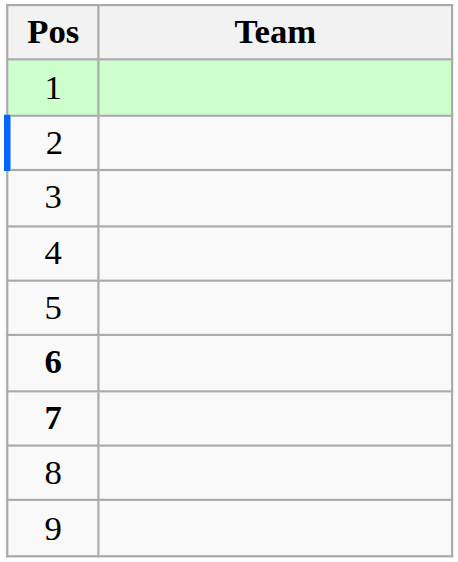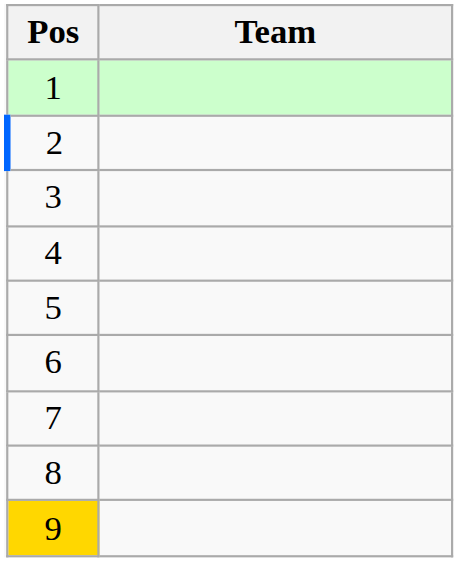 <table class="wikitable" style="text-align:center;">
 <tr>
 <th width=35>Pos</th>
 <th width=155>Team</th>
 </tr>
 <tr bgcolor=ccffcc>
 <td>1</td>
 <td align=left></td>
 </tr>
 <tr>
 <td style="border-left:3px solid #06f;">2</td>
 <td align=left></td>
 </tr>
 <tr>
 <td>3</td>
 <td align=left></td>
 </tr>
 <tr>
 <td>4</td>
 <td align=left></td>
 </tr>
 <tr>
 <td>5</td>
 <td align=left></td>
 </tr>
 <tr>
-<td><strong>6</strong></td>
+<td>6</td>
 <td align=left></td>
 </tr>
 <tr>
-<td><strong>7</strong></td>
+<td>7</td>
 <td align=left></td>
 </tr>
 <tr>
 <td>8</td>
 <td align=left></td>
 </tr>
 <tr>
-<td>9</td>
+<td style="background: gold;">9</td>
 <td align=left></td>
 </tr>
 </table>
